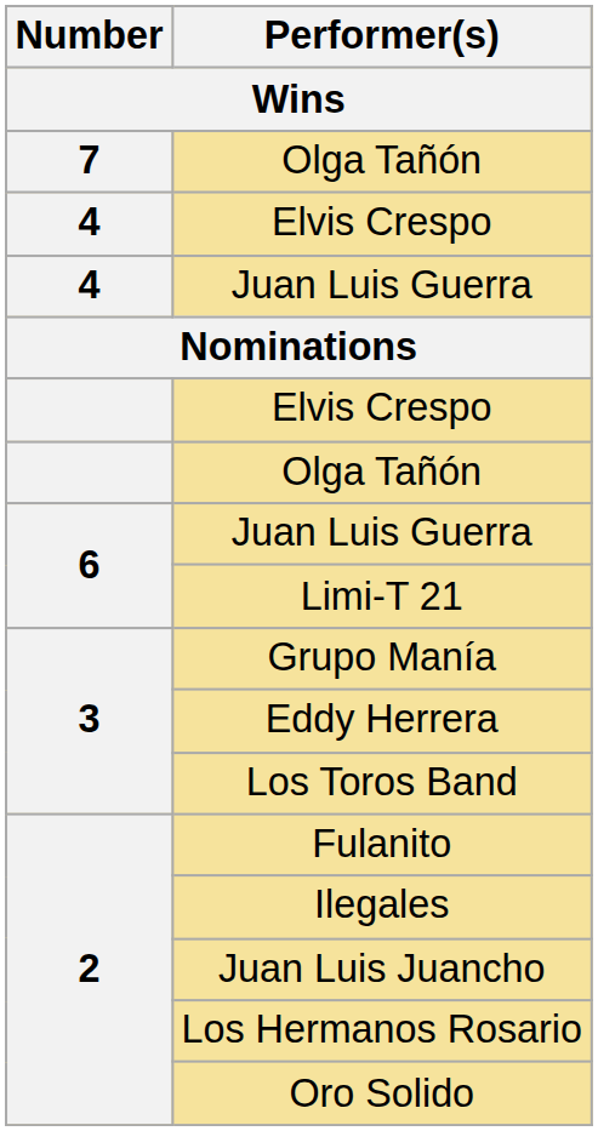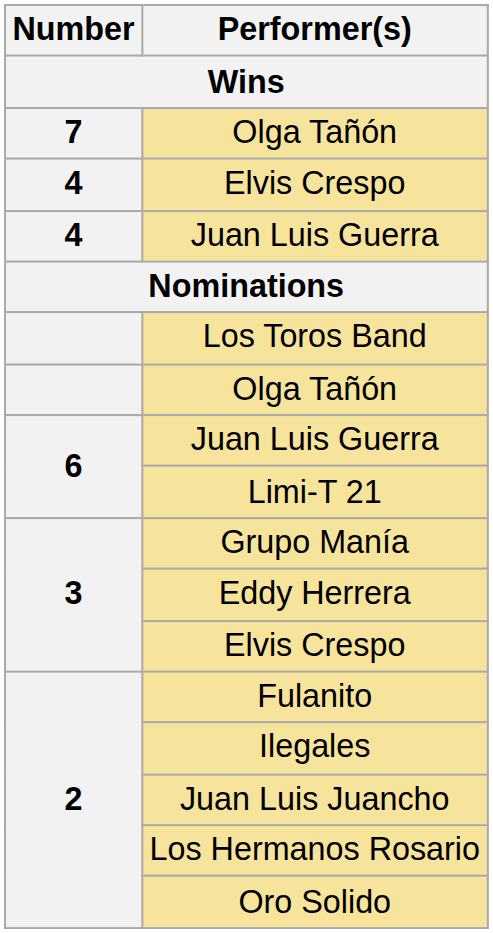 <table class="wikitable" rowspan=2 style="text-align: center; background: #f6e39c">
 <tr>
 <th scope="col" style="width:55px;">Number</th>
 <th scope="col" style="text-align:center;">Performer(s)</th>
 </tr>
 <tr>
 <th colspan="2">Wins</th>
 </tr>
 <tr>
 <th scope="row" rowspan=1 style="text-align:center">7</th>
 <td>Olga Tañón</td>
 </tr>
 <tr>
 <th scope="row" rowspan=1 style="text-align:center">4</th>
 <td>Elvis Crespo</td>
 </tr>
 <tr>
 <th scope="row" rowspan=1 style="text-align:center">4</th>
 <td>Juan Luis Guerra</td>
 </tr>
 <tr>
 <th colspan="2">Nominations</th>
 </tr>
 <tr>
 <th scope="row"></th>
-<td>Elvis Crespo</td>
+<td>Los Toros Band</td>
 </tr>
 <tr>
 <th scope="row"></th>
 <td>Olga Tañón</td>
 </tr>
 <tr>
 <th scope="row" rowspan=2 style="text-align:center">6</th>
 <td>Juan Luis Guerra</td>
 </tr>
 <tr>
 <td>Limi-T 21</td>
 </tr>
 <tr>
 <th scope="row" rowspan=3 style="text-align:center">3</th>
 <td>Grupo Manía</td>
 </tr>
 <tr>
 <td>Eddy Herrera</td>
 </tr>
 <tr>
-<td>Los Toros Band</td>
+<td>Elvis Crespo</td>
 </tr>
 <tr>
 <th scope="row" rowspan=5 style="text-align:center">2</th>
 <td>Fulanito</td>
 </tr>
 <tr>
 <td>Ilegales</td>
 </tr>
 <tr>
 <td>Juan Luis Juancho</td>
 </tr>
 <tr>
 <td>Los Hermanos Rosario</td>
 </tr>
 <tr>
 <td>Oro Solido</td>
 </tr>
 </table>
